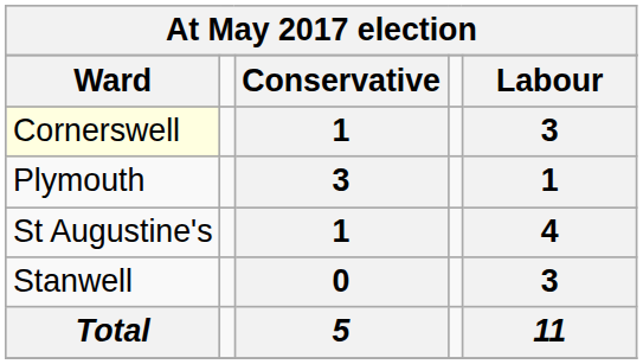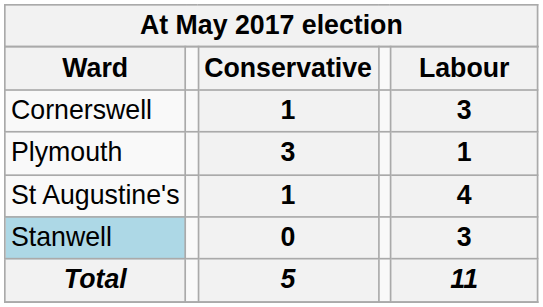 <table class="wikitable">
 <tr>
 <th colspan="5" align="center" valign="top">At May 2017 election</th>
 </tr>
 <tr>
 </tr>
 <tr>
 <th valign="top">Ward</th>
 <td></td>
 <th align="center" valign="top">Conservative</th>
 <td></td>
 <th align="center" valign="top">   Labour   </th>
 </tr>
 <tr>
-<td style="background: lightyellow;">Cornerswell</td>
+<td>Cornerswell</td>
 <td></td>
 <th align="center" valign="top"><strong>1</strong></th>
 <td></td>
 <th align="center" valign="top"><strong>3</strong></th>
 </tr>
 <tr>
 <td>Plymouth</td>
 <td></td>
 <th align="center" valign="top"><strong>3</strong></th>
 <td></td>
 <th align="center" valign="top"><strong>1</strong></th>
 </tr>
 <tr>
 <td>St Augustine's</td>
 <td></td>
 <th align="center" valign="top"><strong>1</strong></th>
 <td></td>
 <th align="center" valign="top"><strong>4</strong></th>
 </tr>
 <tr>
-<td>Stanwell</td>
+<td style="background: lightblue;">Stanwell</td>
 <td></td>
 <th align="center" valign="top"><strong>0</strong></th>
 <td></td>
 <th align="center" valign="top"><strong>3</strong></th>
 </tr>
 <tr>
 <th align="right"><strong><em>Total</em></strong></th>
 <td></td>
 <th align="center" valign="top"><strong><em>5</em></strong></th>
 <td></td>
 <th align="center" valign="top"><strong><em>11</em></strong></th>
 </tr>
 <tr>
 </tr>
 </table>
